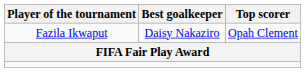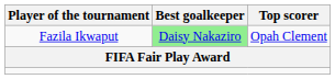 <table class="wikitable" style="margin:auto; text-align:center;">
 <tr>
 <th>Player of the tournament</th>
 <th>Best goalkeeper</th>
 <th>Top scorer</th>
 </tr>
 <tr>
 <td> <a href='#'>Fazila Ikwaput</a></td>
-<td> <a href='#'>Daisy Nakaziro</a></td>
+<td style="background: lightgreen;"> <a href='#'>Daisy Nakaziro</a></td>
 <td> <a href='#'>Opah Clement</a></td>
 </tr>
 <tr>
 <th colspan="3">FIFA Fair Play Award</th>
 </tr>
 <tr>
 <td colspan="3"></td>
 </tr>
 </table>
